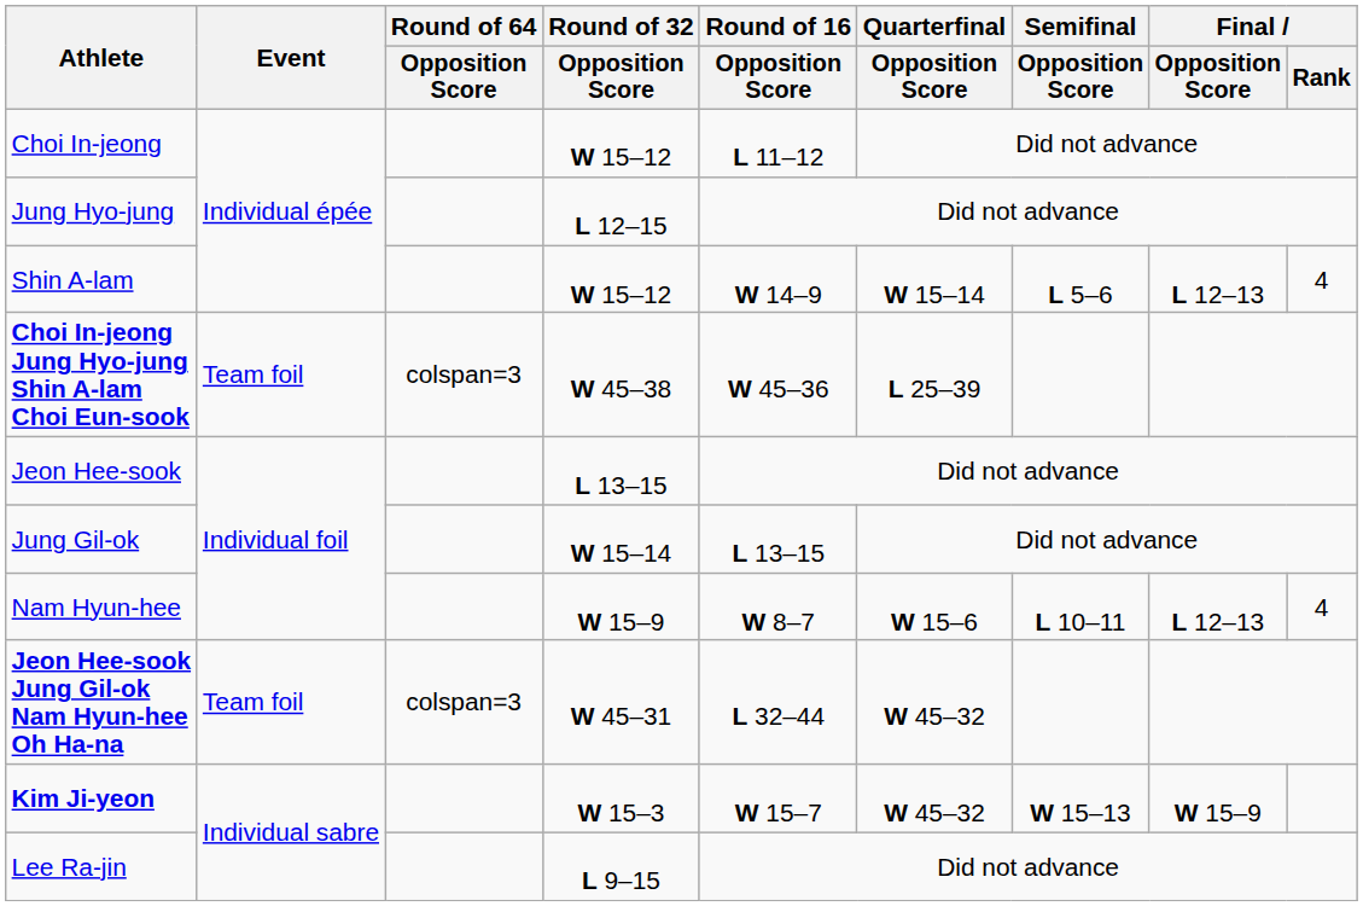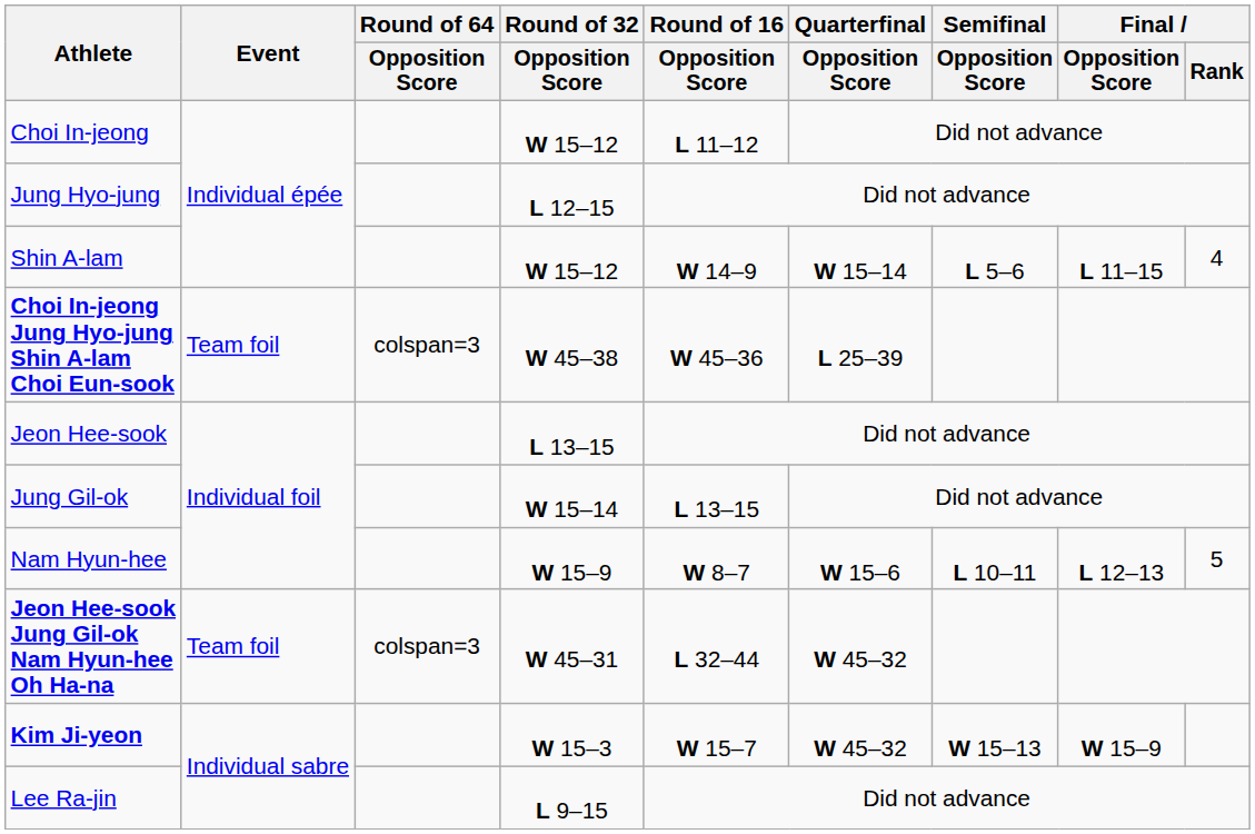 <table class="wikitable" style="font-size:90%">
 <tr>
 <th rowspan=2>Athlete</th>
 <th rowspan=2>Event</th>
 <th>Round of 64</th>
 <th>Round of 32</th>
 <th>Round of 16</th>
 <th>Quarterfinal</th>
 <th>Semifinal</th>
 <th colspan=2>Final / </th>
 </tr>
 <tr style="font-size:95%">
 <th>Opposition <br> Score</th>
 <th>Opposition <br> Score</th>
 <th>Opposition <br> Score</th>
 <th>Opposition <br> Score</th>
 <th>Opposition <br> Score</th>
 <th>Opposition <br> Score</th>
 <th>Rank</th>
 </tr>
 <tr align=center>
 <td align=left><a href='#'>Choi In-jeong</a></td>
 <td align=left rowspan=3><a href='#'>Individual épée</a></td>
 <td></td>
 <td><br><strong>W</strong> 15–12</td>
 <td><br><strong>L</strong> 11–12</td>
 <td colspan=4>Did not advance</td>
 </tr>
 <tr align=center>
 <td align=left><a href='#'>Jung Hyo-jung</a></td>
 <td></td>
 <td><br><strong>L</strong> 12–15</td>
 <td colspan=5>Did not advance</td>
 </tr>
 <tr align=center>
 <td align=left><a href='#'>Shin A-lam</a></td>
 <td></td>
 <td><br><strong>W</strong> 15–12</td>
 <td><br><strong>W</strong> 14–9</td>
 <td><br><strong>W</strong> 15–14</td>
 <td><br><strong>L</strong> 5–6</td>
-<td><br><strong>L</strong> 12–13</td>
+<td><br><strong>L</strong> 11–15</td>
 <td>4</td>
 </tr>
 <tr align=center>
 <td align=left><strong><a href='#'>Choi In-jeong</a><br><a href='#'>Jung Hyo-jung</a><br><a href='#'>Shin A-lam</a><br><a href='#'>Choi Eun-sook</a></strong></td>
 <td align=left><a href='#'>Team foil</a></td>
 <td>colspan=3 </td>
 <td><br><strong>W</strong> 45–38</td>
 <td><br><strong>W</strong> 45–36</td>
 <td><br><strong>L</strong> 25–39</td>
 <td></td>
 </tr>
 <tr align=center>
 <td align=left><a href='#'>Jeon Hee-sook</a></td>
 <td align=left rowspan=3><a href='#'>Individual foil</a></td>
 <td></td>
 <td><br><strong>L</strong> 13–15</td>
 <td colspan=5>Did not advance</td>
 </tr>
 <tr align=center>
 <td align=left><a href='#'>Jung Gil-ok</a></td>
 <td></td>
 <td><br><strong>W</strong> 15–14</td>
 <td><br><strong>L</strong> 13–15</td>
 <td colspan=4>Did not advance</td>
 </tr>
 <tr align=center>
 <td align=left><a href='#'>Nam Hyun-hee</a></td>
 <td></td>
 <td><br><strong>W</strong> 15–9</td>
 <td><br><strong>W</strong> 8–7</td>
 <td><br><strong>W</strong> 15–6</td>
 <td><br><strong>L</strong> 10–11</td>
 <td><br><strong>L</strong> 12–13</td>
-<td>4</td>
+<td>5</td>
 </tr>
 <tr align=center>
 <td align=left><strong><a href='#'>Jeon Hee-sook</a><br><a href='#'>Jung Gil-ok</a><br><a href='#'>Nam Hyun-hee</a><br><a href='#'>Oh Ha-na</a></strong></td>
 <td align=left><a href='#'>Team foil</a></td>
 <td>colspan=3 </td>
 <td><br><strong>W</strong> 45–31</td>
 <td><br><strong>L</strong> 32–44</td>
 <td><br><strong>W</strong> 45–32</td>
 <td></td>
 </tr>
 <tr align=center>
 <td align=left><strong><a href='#'>Kim Ji-yeon</a></strong></td>
 <td align=left rowspan=2><a href='#'>Individual sabre</a></td>
 <td></td>
 <td><br><strong>W</strong> 15–3</td>
 <td><br><strong>W</strong> 15–7</td>
 <td><br><strong>W</strong> 45–32</td>
 <td><br><strong>W</strong> 15–13</td>
 <td><br><strong>W</strong> 15–9</td>
 <td></td>
 </tr>
 <tr align=center>
 <td align=left><a href='#'>Lee Ra-jin</a></td>
 <td></td>
 <td><br><strong>L</strong> 9–15</td>
 <td colspan=5>Did not advance</td>
 </tr>
 </table>
